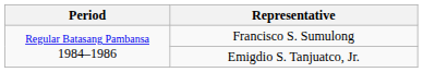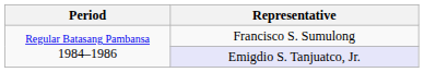 <table class="wikitable" style="text-align:center; width:40%;">
 <tr>
 <th width="40%">Period</th>
 <th>Representative</th>
 </tr>
 <tr>
 <td rowspan="2"><small><a href='#'>Regular Batasang Pambansa</a></small><br>1984–1986</td>
 <td>Francisco S. Sumulong</td>
 </tr>
 <tr>
-<td>Emigdio S. Tanjuatco, Jr.</td>
+<td style="background: lavender;">Emigdio S. Tanjuatco, Jr.</td>
 </tr>
 </table>
